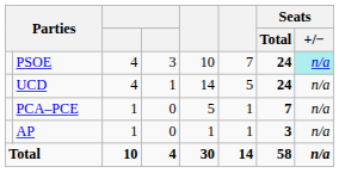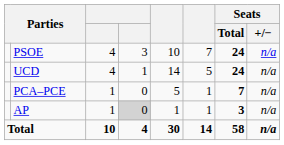 <table class="wikitable" style="text-align:right;">
 <tr>
 <th rowspan="2" colspan="2" width="100">Parties</th>
 <th colspan="2"></th>
 <th rowspan="2" width="35"><a href='#'></a></th>
 <th rowspan="2" width="35"></th>
 <th colspan="2">Seats</th>
 </tr>
 <tr>
 <th width="35"></th>
 <th width="35"></th>
 <th width="35">Total</th>
 <th width="35">+/−</th>
 </tr>
 <tr>
 <td width="1" style="color:inherit;background:"></td>
 <td align="left"><a href='#'>PSOE</a></td>
 <td>4</td>
 <td>3</td>
 <td>10</td>
 <td>7</td>
 <td><strong>24</strong></td>
-<td style="background: paleturquoise;"><em><a href='#'>n/a</a></em></td>
+<td><em><a href='#'>n/a</a></em></td>
 </tr>
 <tr>
 <td style="color:inherit;background:"></td>
 <td align="left"><a href='#'>UCD</a></td>
 <td>4</td>
 <td>1</td>
 <td>14</td>
 <td>5</td>
 <td><strong>24</strong></td>
 <td><em>n/a</em></td>
 </tr>
 <tr>
 <td style="color:inherit;background:"></td>
 <td align="left"><a href='#'>PCA–PCE</a></td>
 <td>1</td>
 <td>0</td>
 <td>5</td>
 <td>1</td>
 <td><strong>7</strong></td>
 <td><em>n/a</em></td>
 </tr>
 <tr>
 <td style="color:inherit;background:"></td>
 <td align="left"><a href='#'>AP</a></td>
 <td>1</td>
-<td>0</td>
+<td style="background: lightgrey;">0</td>
 <td>1</td>
 <td>1</td>
 <td><strong>3</strong></td>
 <td><em>n/a</em></td>
 </tr>
 <tr style="font-weight:bold;">
 <td align="left" colspan="2">Total</td>
 <td>10</td>
 <td>4</td>
 <td>30</td>
 <td>14</td>
 <td>58</td>
 <td><em>n/a</em></td>
 </tr>
 </table>
